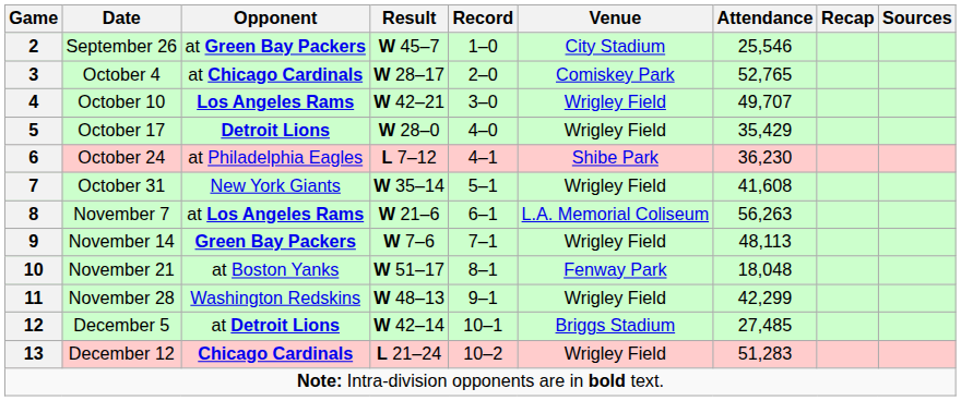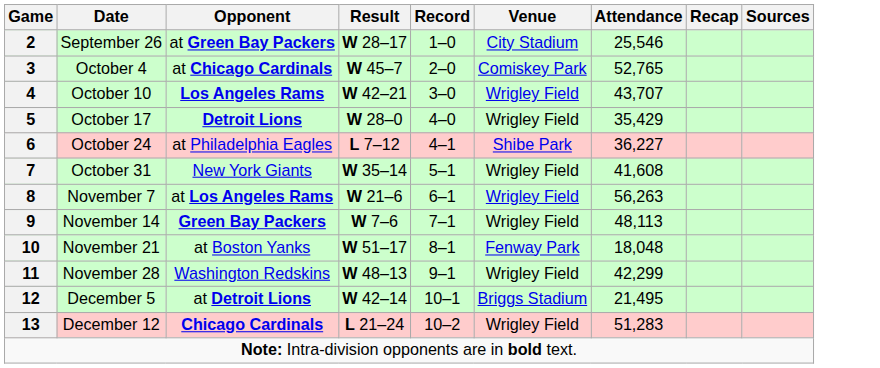 <table class="wikitable" style="text-align:center">
 <tr>
 <th>Game</th>
 <th>Date</th>
 <th>Opponent</th>
 <th>Result</th>
 <th>Record</th>
 <th>Venue</th>
 <th>Attendance</th>
 <th>Recap</th>
 <th>Sources</th>
 </tr>
 <tr style="background:#cfc">
 <th>2</th>
 <td>September 26</td>
 <td>at <strong><a href='#'>Green Bay Packers</a></strong></td>
-<td><strong>W</strong> 45–7</td>
+<td><strong>W</strong> 28–17</td>
 <td>1–0</td>
 <td><a href='#'>City Stadium</a></td>
 <td>25,546</td>
 <td></td>
 <td></td>
 </tr>
 <tr style="background:#cfc">
 <th>3</th>
 <td>October 4</td>
 <td>at <strong><a href='#'>Chicago Cardinals</a></strong></td>
-<td><strong>W</strong> 28–17</td>
+<td><strong>W</strong> 45–7</td>
 <td>2–0</td>
 <td><a href='#'>Comiskey Park</a></td>
 <td>52,765</td>
 <td></td>
 <td></td>
 </tr>
 <tr style="background:#cfc">
 <th>4</th>
 <td>October 10</td>
 <td><strong><a href='#'>Los Angeles Rams</a></strong></td>
 <td><strong>W</strong> 42–21</td>
 <td>3–0</td>
 <td><a href='#'>Wrigley Field</a></td>
-<td>49,707</td>
+<td>43,707</td>
 <td></td>
 <td></td>
 </tr>
 <tr style="background: #cfc;">
 <th>5</th>
 <td>October 17</td>
 <td><strong><a href='#'>Detroit Lions</a></strong></td>
 <td><strong>W</strong> 28–0</td>
 <td>4–0</td>
 <td>Wrigley Field</td>
 <td>35,429</td>
 <td></td>
 <td></td>
 </tr>
 <tr style="background:#fcc">
 <th>6</th>
 <td>October 24</td>
 <td>at <a href='#'>Philadelphia Eagles</a></td>
 <td><strong>L</strong> 7–12</td>
 <td>4–1</td>
 <td><a href='#'>Shibe Park</a></td>
-<td>36,230</td>
+<td>36,227</td>
 <td></td>
 <td></td>
 </tr>
 <tr style="background:#cfc">
 <th>7</th>
 <td>October 31</td>
 <td><a href='#'>New York Giants</a></td>
 <td><strong>W</strong> 35–14</td>
 <td>5–1</td>
 <td>Wrigley Field</td>
 <td>41,608</td>
 <td></td>
 <td></td>
 </tr>
 <tr style="background:#cfc">
 <th>8</th>
 <td>November 7</td>
 <td>at <strong><a href='#'>Los Angeles Rams</a></strong></td>
 <td><strong>W</strong> 21–6</td>
 <td>6–1</td>
-<td><a href='#'>L.A. Memorial Coliseum</a></td>
+<td><a href='#'>Wrigley Field</a></td>
 <td>56,263</td>
 <td></td>
 <td></td>
 </tr>
 <tr style="background:#cfc">
 <th>9</th>
 <td>November 14</td>
 <td><strong><a href='#'>Green Bay Packers</a></strong></td>
 <td><strong>W</strong> 7–6</td>
 <td>7–1</td>
 <td>Wrigley Field</td>
 <td>48,113</td>
 <td></td>
 <td></td>
 </tr>
 <tr style="background:#cfc">
 <th>10</th>
 <td>November 21</td>
 <td>at <a href='#'>Boston Yanks</a></td>
 <td><strong>W</strong> 51–17</td>
 <td>8–1</td>
 <td><a href='#'>Fenway Park</a></td>
 <td>18,048</td>
 <td></td>
 <td></td>
 </tr>
 <tr style="background:#cfc">
 <th>11</th>
 <td>November 28</td>
 <td><a href='#'>Washington Redskins</a></td>
 <td><strong>W</strong> 48–13</td>
 <td>9–1</td>
 <td>Wrigley Field</td>
 <td>42,299</td>
 <td></td>
 <td></td>
 </tr>
 <tr style="background:#cfc">
 <th>12</th>
 <td>December 5</td>
 <td>at <strong><a href='#'>Detroit Lions</a></strong></td>
 <td><strong>W</strong> 42–14</td>
 <td>10–1</td>
 <td><a href='#'>Briggs Stadium</a></td>
-<td>27,485</td>
+<td>21,495</td>
 <td></td>
 <td></td>
 </tr>
 <tr style="background:#fcc">
 <th>13</th>
 <td>December 12</td>
 <td><strong><a href='#'>Chicago Cardinals</a></strong></td>
 <td><strong>L</strong> 21–24</td>
 <td>10–2</td>
 <td>Wrigley Field</td>
 <td>51,283</td>
 <td></td>
 <td></td>
 </tr>
 <tr>
 <td colspan="10"><strong>Note:</strong> Intra-division opponents are in <strong>bold</strong> text.</td>
 </tr>
 </table>
